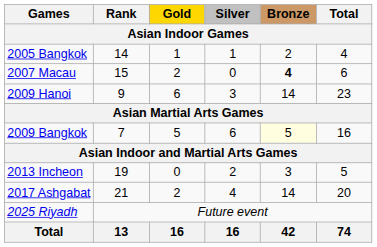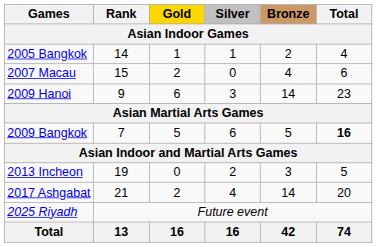 <table class="wikitable sortable" style="margin-top:0em; text-align:center; font-size:100%;">
 <tr>
 <th>Games</th>
 <th style="width:4em;">Rank</th>
 <th style="background:gold; width:4em;">Gold</th>
 <th style="background:silver; width:4em;">Silver</th>
 <th style="background:#cc9966; width:4em;">Bronze</th>
 <th style="width:4em;">Total</th>
 </tr>
 <tr>
 <th colspan=6>Asian Indoor Games</th>
 </tr>
 <tr>
 <td align=left>  <a href='#'>2005 Bangkok</a></td>
 <td>14</td>
 <td>1</td>
 <td>1</td>
 <td>2</td>
 <td>4</td>
 </tr>
 <tr>
 <td align=left> <a href='#'>2007 Macau</a></td>
 <td>15</td>
 <td>2</td>
 <td>0</td>
-<td><strong>4</strong></td>
+<td>4</td>
 <td>6</td>
 </tr>
 <tr>
 <td align=left>  <a href='#'>2009 Hanoi</a></td>
 <td>9</td>
 <td>6</td>
 <td>3</td>
 <td>14</td>
 <td>23</td>
 </tr>
 <tr>
 <th colspan=6>Asian Martial Arts Games</th>
 </tr>
 <tr>
 <td align=left> <a href='#'>2009 Bangkok</a></td>
 <td>7</td>
 <td>5</td>
 <td>6</td>
-<td style="background: lightyellow;">5</td>
-<td>16</td>
+<td>5</td>
+<td><strong>16</strong></td>
 </tr>
 <tr>
 <th colspan=6>Asian Indoor and Martial Arts Games</th>
 </tr>
 <tr>
 <td align=left> <a href='#'>2013 Incheon</a></td>
 <td>19</td>
 <td>0</td>
 <td>2</td>
 <td>3</td>
 <td>5</td>
 </tr>
 <tr>
 <td align=left> <a href='#'>2017 Ashgabat</a></td>
 <td>21</td>
 <td>2</td>
 <td>4</td>
 <td>14</td>
 <td>20</td>
 </tr>
 <tr>
 <td align=left> <a href='#'> <em>2025 Riyadh</em></a></td>
 <td colspan=5><em>Future event</em></td>
 </tr>
 <tr>
 <th>Total</th>
 <th>13</th>
 <th>16</th>
 <th>16</th>
 <th>42</th>
 <th>74</th>
 </tr>
 </table>
